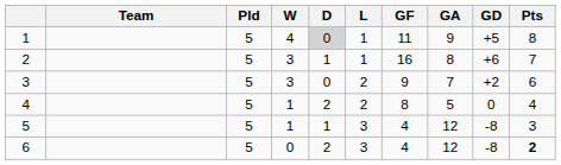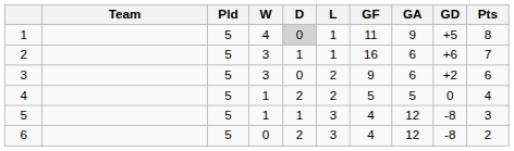 <table class="wikitable" style="text-align: center;">
 <tr>
 <th style="width: 40px;"></th>
 <th style="width: 200px;">Team</th>
 <th style="width: 45px;">Pld</th>
 <th style="width: 35px;">W</th>
 <th style="width: 35px;">D</th>
 <th style="width: 35px;">L</th>
 <th style="width: 45px;">GF</th>
 <th style="width: 45px;">GA</th>
 <th style="width: 35px;">GD</th>
 <th style="width: 45px;">Pts</th>
 </tr>
 <tr>
 <td>1</td>
 <td style="text-align: left;"></td>
 <td>5</td>
 <td>4</td>
 <td style="background: lightgrey;">0</td>
 <td>1</td>
 <td>11</td>
 <td>9</td>
 <td>+5</td>
 <td>8</td>
 </tr>
 <tr>
 <td>2</td>
 <td style="text-align: left;"></td>
 <td>5</td>
 <td>3</td>
 <td>1</td>
 <td>1</td>
 <td>16</td>
-<td>8</td>
+<td>6</td>
 <td>+6</td>
 <td>7</td>
 </tr>
 <tr>
 <td>3</td>
 <td style="text-align: left;"></td>
 <td>5</td>
 <td>3</td>
 <td>0</td>
 <td>2</td>
 <td>9</td>
-<td>7</td>
+<td>6</td>
 <td>+2</td>
 <td>6</td>
 </tr>
 <tr>
 <td>4</td>
 <td style="text-align: left;"></td>
 <td>5</td>
 <td>1</td>
 <td>2</td>
 <td>2</td>
-<td>8</td>
+<td>5</td>
 <td>5</td>
 <td>0</td>
 <td>4</td>
 </tr>
 <tr>
 <td>5</td>
 <td style="text-align: left;"></td>
 <td>5</td>
 <td>1</td>
 <td>1</td>
 <td>3</td>
 <td>4</td>
 <td>12</td>
 <td>-8</td>
 <td>3</td>
 </tr>
 <tr>
 <td>6</td>
 <td style="text-align: left;"></td>
 <td>5</td>
 <td>0</td>
 <td>2</td>
 <td>3</td>
 <td>4</td>
 <td>12</td>
 <td>-8</td>
-<td><strong>2</strong></td>
+<td>2</td>
 </tr>
 </table>
